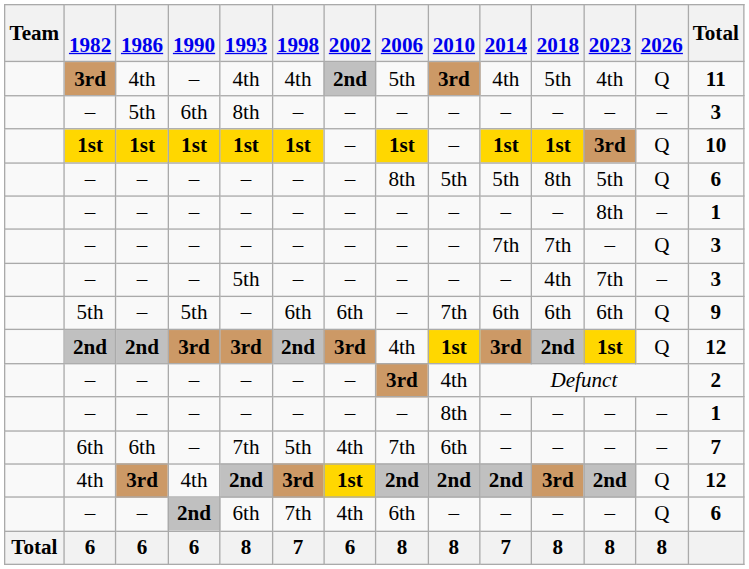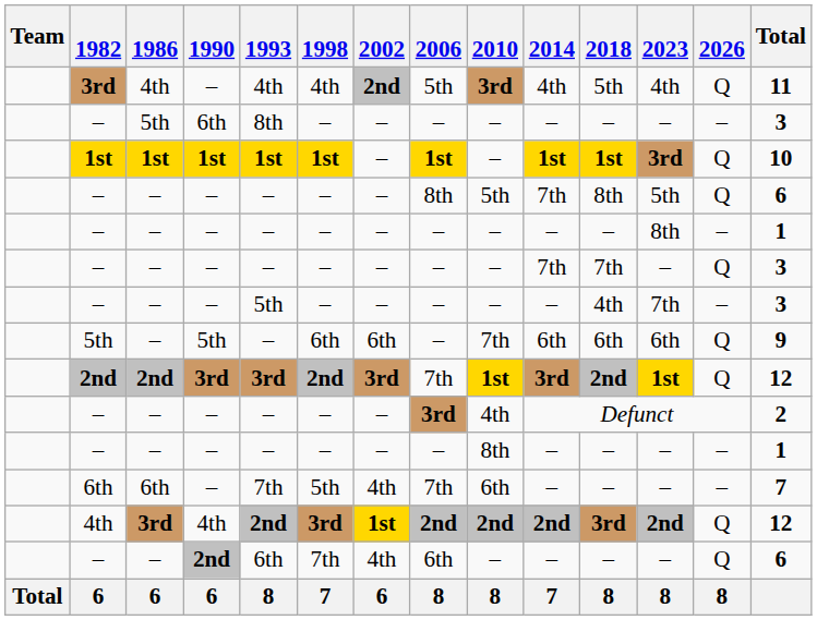 <table class="wikitable" style="text-align:center">
 <tr>
 <th>Team</th>
 <th><br><a href='#'>1982</a></th>
 <th><br><a href='#'>1986</a></th>
 <th><br><a href='#'>1990</a></th>
 <th><br><a href='#'>1993</a></th>
 <th><br><a href='#'>1998</a></th>
 <th><br><a href='#'>2002</a></th>
 <th><br><a href='#'>2006</a></th>
 <th><br><a href='#'>2010</a></th>
 <th><br><a href='#'>2014</a></th>
 <th><br><a href='#'>2018</a></th>
 <th><br><a href='#'>2023</a></th>
 <th><br><a href='#'>2026</a></th>
 <th>Total</th>
 </tr>
 <tr>
 <td align=left></td>
 <td bgcolor=cc9966><strong>3rd</strong></td>
 <td>4th</td>
 <td>–</td>
 <td>4th</td>
 <td>4th</td>
 <td bgcolor=silver><strong>2nd</strong></td>
 <td>5th</td>
 <td bgcolor=cc9966><strong>3rd</strong></td>
 <td>4th</td>
 <td>5th</td>
 <td>4th</td>
 <td>Q</td>
 <td><strong>11</strong></td>
 </tr>
 <tr>
 <td align=left></td>
 <td>–</td>
 <td>5th</td>
 <td>6th</td>
 <td>8th</td>
 <td>–</td>
 <td>–</td>
 <td>–</td>
 <td>–</td>
 <td>–</td>
 <td>–</td>
 <td>–</td>
 <td>–</td>
 <td><strong>3</strong></td>
 </tr>
 <tr>
 <td align=left></td>
 <td bgcolor=gold><strong>1st</strong></td>
 <td bgcolor=gold><strong>1st</strong></td>
 <td bgcolor=gold><strong>1st</strong></td>
 <td bgcolor=gold><strong>1st</strong></td>
 <td bgcolor=gold><strong>1st</strong></td>
 <td>–</td>
 <td bgcolor=gold><strong>1st</strong></td>
 <td>–</td>
 <td bgcolor=gold><strong>1st</strong></td>
 <td bgcolor=gold><strong>1st</strong></td>
 <td bgcolor=cc9966><strong>3rd</strong></td>
 <td>Q</td>
 <td><strong>10</strong></td>
 </tr>
 <tr>
 <td align=left></td>
 <td>–</td>
 <td>–</td>
 <td>–</td>
 <td>–</td>
 <td>–</td>
 <td>–</td>
 <td>8th</td>
 <td>5th</td>
-<td>5th</td>
+<td>7th</td>
 <td>8th</td>
 <td>5th</td>
 <td>Q</td>
 <td><strong>6</strong></td>
 </tr>
 <tr>
 <td align=left></td>
 <td>–</td>
 <td>–</td>
 <td>–</td>
 <td>–</td>
 <td>–</td>
 <td>–</td>
 <td>–</td>
 <td>–</td>
 <td>–</td>
 <td>–</td>
 <td>8th</td>
 <td>–</td>
 <td><strong>1</strong></td>
 </tr>
 <tr>
 <td align=left></td>
 <td>–</td>
 <td>–</td>
 <td>–</td>
 <td>–</td>
 <td>–</td>
 <td>–</td>
 <td>–</td>
 <td>–</td>
 <td>7th</td>
 <td>7th</td>
 <td>–</td>
 <td>Q</td>
 <td><strong>3</strong></td>
 </tr>
 <tr>
 <td align=left></td>
 <td>–</td>
 <td>–</td>
 <td>–</td>
 <td>5th</td>
 <td>–</td>
 <td>–</td>
 <td>–</td>
 <td>–</td>
 <td>–</td>
 <td>4th</td>
 <td>7th</td>
 <td>–</td>
 <td><strong>3</strong></td>
 </tr>
 <tr>
 <td align=left></td>
 <td>5th</td>
 <td>–</td>
 <td>5th</td>
 <td>–</td>
 <td>6th</td>
 <td>6th</td>
 <td>–</td>
 <td>7th</td>
 <td>6th</td>
 <td>6th</td>
 <td>6th</td>
 <td>Q</td>
 <td><strong>9</strong></td>
 </tr>
 <tr>
 <td align=left></td>
 <td bgcolor=silver><strong>2nd</strong></td>
 <td bgcolor=silver><strong>2nd</strong></td>
 <td bgcolor=cc9966><strong>3rd</strong></td>
 <td bgcolor=cc9966><strong>3rd</strong></td>
 <td bgcolor=silver><strong>2nd</strong></td>
 <td bgcolor=cc9966><strong>3rd</strong></td>
-<td>4th</td>
+<td>7th</td>
 <td bgcolor=gold><strong>1st</strong></td>
 <td bgcolor=cc9966><strong>3rd</strong></td>
 <td bgcolor=silver><strong>2nd</strong></td>
 <td bgcolor=gold><strong>1st</strong></td>
 <td>Q</td>
 <td><strong>12</strong></td>
 </tr>
 <tr>
 <td align=left></td>
 <td>–</td>
 <td>–</td>
 <td>–</td>
 <td>–</td>
 <td>–</td>
 <td>–</td>
 <td bgcolor=cc9966><strong>3rd</strong></td>
 <td>4th</td>
 <td colspan=4><em>Defunct</em></td>
 <td><strong>2</strong></td>
 </tr>
 <tr>
 <td align=left></td>
 <td>–</td>
 <td>–</td>
 <td>–</td>
 <td>–</td>
 <td>–</td>
 <td>–</td>
 <td>–</td>
 <td>8th</td>
 <td>–</td>
 <td>–</td>
 <td>–</td>
 <td>–</td>
 <td><strong>1</strong></td>
 </tr>
 <tr>
 <td align=left></td>
 <td>6th</td>
 <td>6th</td>
 <td>–</td>
 <td>7th</td>
 <td>5th</td>
 <td>4th</td>
 <td>7th</td>
 <td>6th</td>
 <td>–</td>
 <td>–</td>
 <td>–</td>
 <td>–</td>
 <td><strong>7</strong></td>
 </tr>
 <tr>
 <td align=left></td>
 <td>4th</td>
 <td bgcolor=cc9966><strong>3rd</strong></td>
 <td>4th</td>
 <td bgcolor=silver><strong>2nd</strong></td>
 <td bgcolor=cc9966><strong>3rd</strong></td>
 <td bgcolor=gold><strong>1st</strong></td>
 <td bgcolor=silver><strong>2nd</strong></td>
 <td bgcolor=silver><strong>2nd</strong></td>
 <td bgcolor=silver><strong>2nd</strong></td>
 <td bgcolor=cc9966><strong>3rd</strong></td>
 <td bgcolor=silver><strong>2nd</strong></td>
 <td>Q</td>
 <td><strong>12</strong></td>
 </tr>
 <tr>
 <td align=left></td>
 <td>–</td>
 <td>–</td>
 <td bgcolor=silver><strong>2nd</strong></td>
 <td>6th</td>
 <td>7th</td>
 <td>4th</td>
 <td>6th</td>
 <td>–</td>
 <td>–</td>
 <td>–</td>
 <td>–</td>
 <td>Q</td>
 <td><strong>6</strong></td>
 </tr>
 <tr>
 <th>Total</th>
 <th>6</th>
 <th>6</th>
 <th>6</th>
 <th>8</th>
 <th>7</th>
 <th>6</th>
 <th>8</th>
 <th>8</th>
 <th>7</th>
 <th>8</th>
 <th>8</th>
 <th>8</th>
 <th></th>
 </tr>
 </table>
